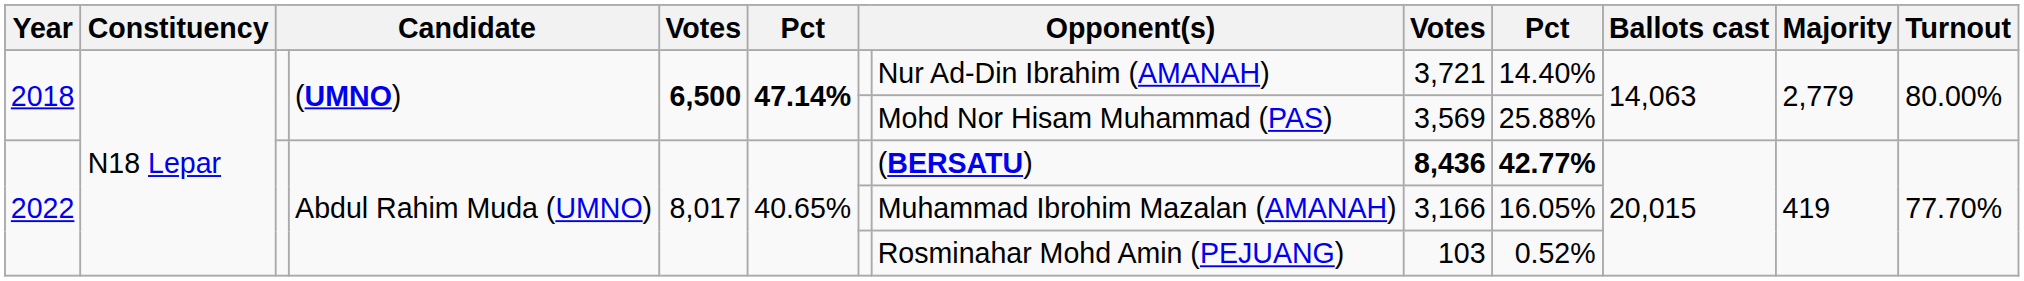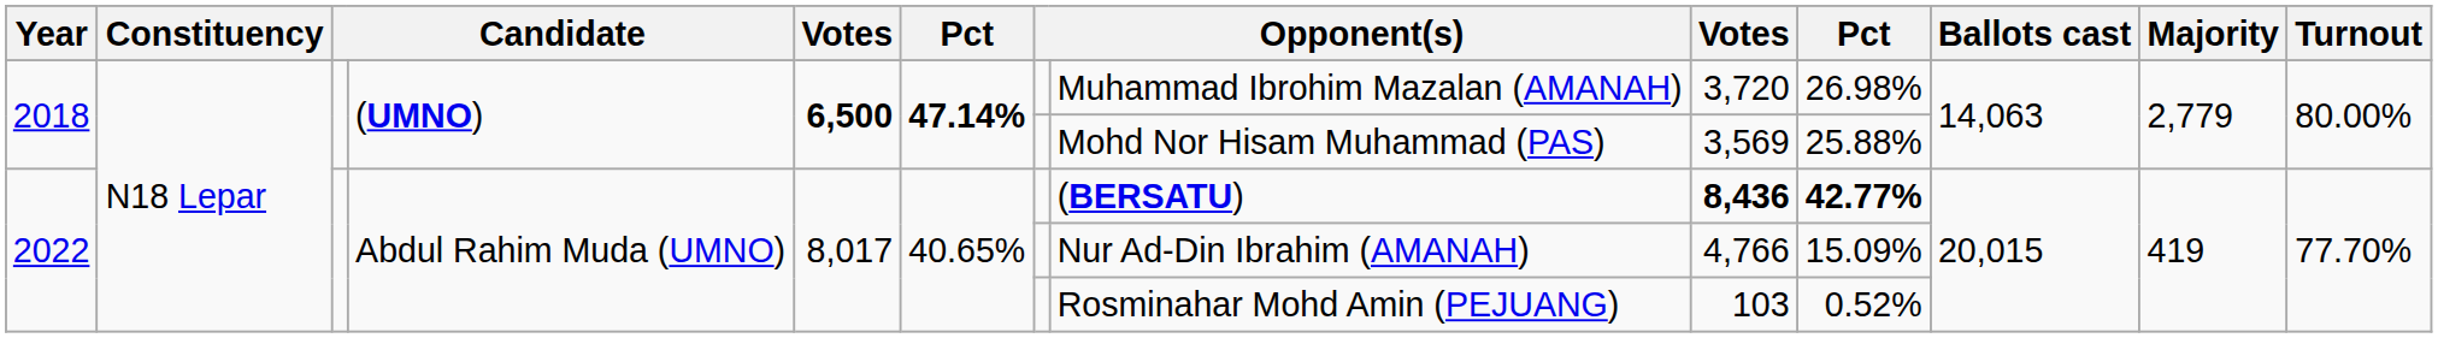 <table class="wikitable" style="margin:0.5em ; font-size:95%">
 <tr>
 <th>Year</th>
 <th>Constituency</th>
 <th colspan=2>Candidate</th>
 <th>Votes</th>
 <th>Pct</th>
 <th colspan=2>Opponent(s)</th>
 <th>Votes</th>
 <th>Pct</th>
 <th>Ballots cast</th>
 <th>Majority</th>
 <th>Turnout</th>
 </tr>
 <tr>
 <td rowspan=2><a href='#'>2018</a></td>
 <td rowspan=5>N18 <a href='#'>Lepar</a></td>
 <td rowspan=2 ></td>
 <td rowspan=2> (<a href='#'><strong>UMNO</strong></a>)</td>
 <td rowspan=2 align="right"><strong>6,500</strong></td>
 <td rowspan=2><strong>47.14%</strong></td>
 <td></td>
-<td>Nur Ad-Din Ibrahim (<a href='#'>AMANAH</a>)</td>
-<td align="right">3,721</td>
-<td>14.40%</td>
+<td>Muhammad Ibrohim Mazalan (<a href='#'>AMANAH</a>)</td>
+<td align="right">3,720</td>
+<td>26.98%</td>
 <td rowspan=2>14,063</td>
 <td rowspan=2>2,779</td>
 <td rowspan=2>80.00%</td>
 </tr>
 <tr>
 <td></td>
 <td>Mohd Nor Hisam Muhammad (<a href='#'>PAS</a>)</td>
 <td align="right">3,569</td>
 <td>25.88%</td>
 </tr>
 <tr>
 <td rowspan=3><a href='#'>2022</a></td>
 <td rowspan=3 ></td>
 <td rowspan=3>Abdul Rahim Muda (<a href='#'>UMNO</a>)</td>
 <td rowspan=3 align="right">8,017</td>
 <td rowspan=3>40.65%</td>
 <td bgcolor=></td>
 <td> (<a href='#'><strong>BERSATU</strong></a>)</td>
 <td align="right"><strong>8,436</strong></td>
 <td><strong>42.77%</strong></td>
 <td rowspan=3>20,015</td>
 <td rowspan=3>419</td>
 <td rowspan=3>77.70%</td>
 </tr>
 <tr>
 <td></td>
-<td>Muhammad Ibrohim Mazalan (<a href='#'>AMANAH</a>)</td>
-<td align="right">3,166</td>
-<td>16.05%</td>
+<td>Nur Ad-Din Ibrahim (<a href='#'>AMANAH</a>)</td>
+<td align="right">4,766</td>
+<td>15.09%</td>
 </tr>
 <tr>
 <td></td>
 <td>Rosminahar Mohd Amin (<a href='#'>PEJUANG</a>)</td>
 <td align="right">103</td>
 <td align="right">0.52%</td>
 </tr>
 </table>
